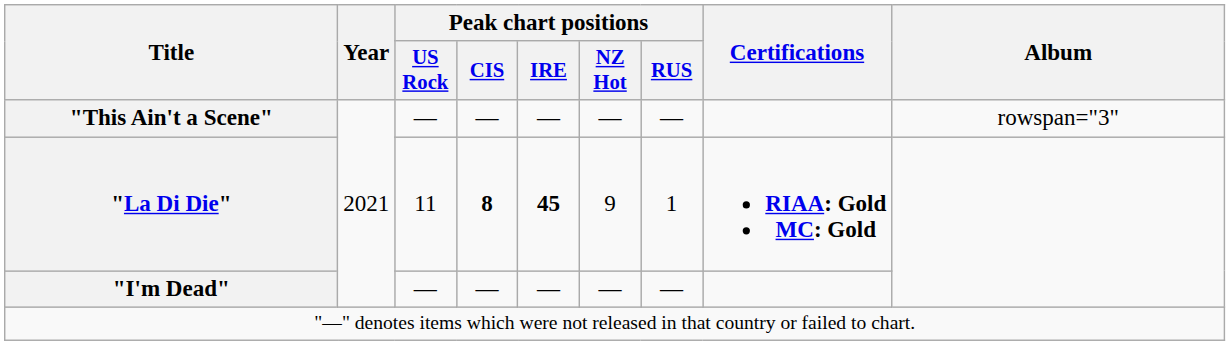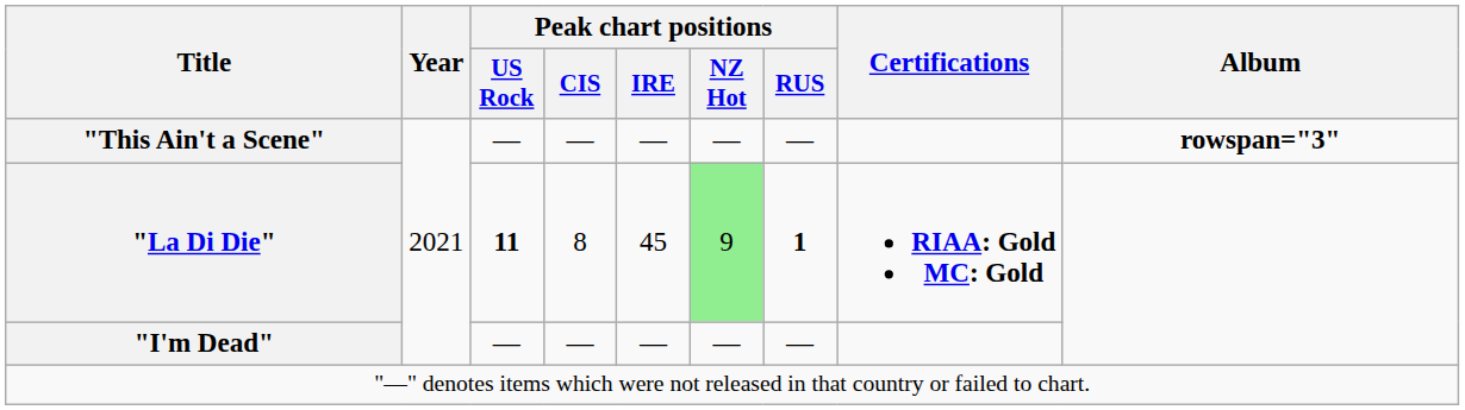 <table class="wikitable plainrowheaders" style="text-align:center;">
 <tr>
 <th scope="col" rowspan="2" style="width:14em;">Title</th>
 <th scope="col" rowspan="2" style="width:1em;">Year</th>
 <th scope="col" colspan="5">Peak chart positions</th>
 <th scope="col" rowspan="2"><a href='#'>Certifications</a></th>
 <th scope="col" rowspan="2" style="width:14em;">Album</th>
 </tr>
 <tr>
 <th scope="col" style="width:2.5em;font-size:90%;"><a href='#'>US<br>Rock</a><br></th>
 <th scope="col" style="width:2.5em;font-size:90%;"><a href='#'>CIS</a><br></th>
 <th scope="col" style="width:2.5em;font-size:90%;"><a href='#'>IRE</a><br></th>
 <th scope="col" style="width:2.5em;font-size:90%;"><a href='#'>NZ<br>Hot</a><br></th>
 <th scope="col" style="width:2.5em;font-size:90%;"><a href='#'>RUS</a><br></th>
 </tr>
 <tr>
 <th scope="row">"This Ain't a Scene"<br></th>
 <td rowspan="3">2021</td>
 <td>—</td>
 <td>—</td>
 <td>—</td>
 <td>—</td>
 <td>—</td>
 <td></td>
-<td>rowspan="3" </td>
+<td><strong>rowspan="3" </strong></td>
 </tr>
 <tr>
 <th scope="row">"<a href='#'>La Di Die</a>"<br></th>
-<td>11</td>
-<td><strong>8</strong></td>
-<td><strong>45</strong></td>
-<td>9</td>
-<td>1</td>
+<td><strong>11</strong></td>
+<td>8</td>
+<td>45</td>
+<td style="background: lightgreen;">9</td>
+<td><strong>1</strong></td>
 <td><strong><br><ul><li><a href='#'>RIAA</a>: Gold</li><li><a href='#'>MC</a>: Gold</li></ul></strong></td>
 </tr>
 <tr>
 <th scope="row">"I'm Dead"<br></th>
 <td>—</td>
 <td>—</td>
 <td>—</td>
 <td>—</td>
 <td>—</td>
 <td></td>
 </tr>
 <tr>
 <td colspan="9" style="font-size:85%;">"—" denotes items which were not released in that country or failed to chart.</td>
 </tr>
 </table>
